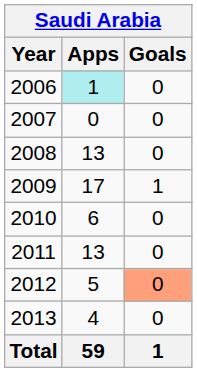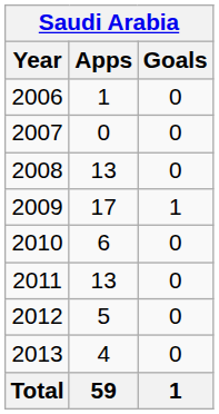 <table class="wikitable" style="text-align:center">
 <tr>
 <th colspan=3><a href='#'>Saudi Arabia</a></th>
 </tr>
 <tr>
 <th>Year</th>
 <th>Apps</th>
 <th>Goals</th>
 </tr>
 <tr>
 <td>2006</td>
-<td style="background: paleturquoise;">1</td>
+<td>1</td>
 <td>0</td>
 </tr>
 <tr>
 <td>2007</td>
 <td>0</td>
 <td>0</td>
 </tr>
 <tr>
 <td>2008</td>
 <td>13</td>
 <td>0</td>
 </tr>
 <tr>
 <td>2009</td>
 <td>17</td>
 <td>1</td>
 </tr>
 <tr>
 <td>2010</td>
 <td>6</td>
 <td>0</td>
 </tr>
 <tr>
 <td>2011</td>
 <td>13</td>
 <td>0</td>
 </tr>
 <tr>
 <td>2012</td>
 <td>5</td>
-<td style="background: lightsalmon;">0</td>
+<td>0</td>
 </tr>
 <tr>
 <td>2013</td>
 <td>4</td>
 <td>0</td>
 </tr>
 <tr>
 <th>Total</th>
 <th>59</th>
 <th>1</th>
 </tr>
 </table>
